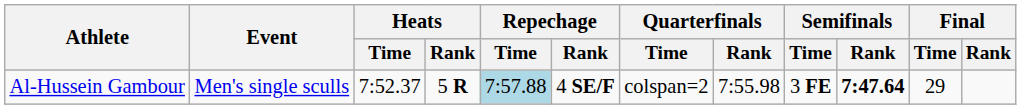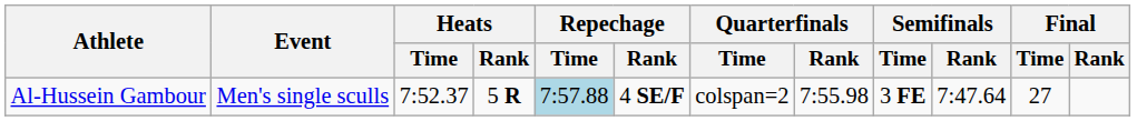 <table class="wikitable" style="font-size:90%">
 <tr>
 <th rowspan="2">Athlete</th>
 <th rowspan="2">Event</th>
 <th colspan="2">Heats</th>
 <th colspan="2">Repechage</th>
 <th colspan="2">Quarterfinals</th>
 <th colspan="2">Semifinals</th>
 <th colspan="2">Final</th>
 </tr>
 <tr style="font-size:95%">
 <th>Time</th>
 <th>Rank</th>
 <th>Time</th>
 <th>Rank</th>
 <th>Time</th>
 <th>Rank</th>
 <th>Time</th>
 <th>Rank</th>
 <th>Time</th>
 <th>Rank</th>
 </tr>
 <tr align=center>
 <td align=left><a href='#'>Al-Hussein Gambour</a></td>
 <td align=left><a href='#'>Men's single sculls</a></td>
 <td>7:52.37</td>
 <td>5 <strong>R</strong></td>
 <td style="background: lightblue;">7:57.88</td>
 <td>4 <strong>SE/F</strong></td>
 <td>colspan=2 </td>
 <td>7:55.98</td>
 <td>3 <strong>FE</strong></td>
-<td><strong>7:47.64</strong></td>
-<td>29</td>
+<td>7:47.64</td>
+<td>27</td>
 </tr>
 </table>
